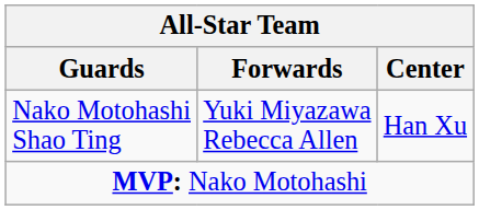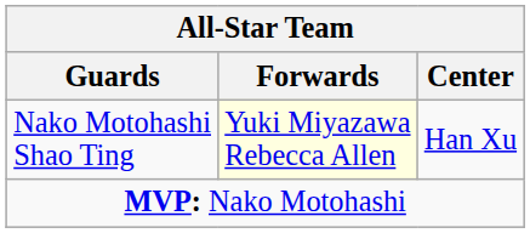 <table class=wikitable style="margin:auto">
 <tr>
 <th colspan=3 align=center>All-Star Team</th>
 </tr>
 <tr>
 <th>Guards</th>
 <th>Forwards</th>
 <th>Center</th>
 </tr>
 <tr>
 <td> <a href='#'>Nako Motohashi</a><br> <a href='#'>Shao Ting</a></td>
-<td valign=center> <a href='#'>Yuki Miyazawa</a><br> <a href='#'>Rebecca Allen</a></td>
+<td valign=center style="background: lightyellow;"> <a href='#'>Yuki Miyazawa</a><br> <a href='#'>Rebecca Allen</a></td>
 <td> <a href='#'>Han Xu</a></td>
 </tr>
 <tr>
 <td colspan=3 align=center><strong><a href='#'>MVP</a>:</strong>  <a href='#'>Nako Motohashi</a></td>
 </tr>
 </table>
